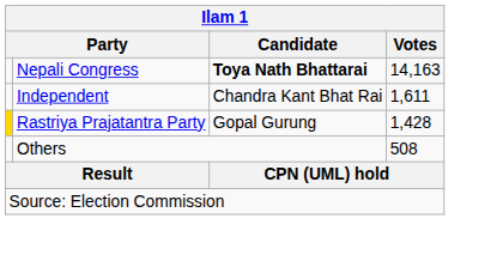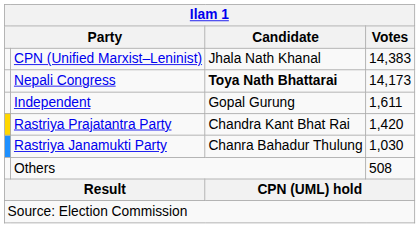 <table class="wikitable">
 <tr>
 <th colspan="4"><a href='#'>Ilam 1</a></th>
 </tr>
 <tr>
 <th colspan="2">Party</th>
 <th>Candidate</th>
 <th>Votes</th>
 </tr>
 <tr>
 <td style="background-color:"></td>
+<td><a href='#'>CPN (Unified Marxist–Leninist)</a></td>
+<td>Jhala Nath Khanal</td>
+<td>14,383</td>
+</tr>
+<tr>
+<td style="background-color:"></td>
 <td><a href='#'>Nepali Congress</a></td>
 <td><strong>Toya Nath Bhattarai</strong></td>
-<td>14,163</td>
+<td>14,173</td>
 </tr>
 <tr>
 <td style="background-color:"></td>
 <td><a href='#'>Independent</a></td>
-<td>Chandra Kant Bhat Rai</td>
+<td>Gopal Gurung</td>
 <td>1,611</td>
 </tr>
 <tr>
 <td style="background-color:gold"></td>
 <td><a href='#'>Rastriya Prajatantra Party</a></td>
-<td>Gopal Gurung</td>
-<td>1,428</td>
+<td>Chandra Kant Bhat Rai</td>
+<td>1,420</td>
+</tr>
+<tr>
+<td style="background-color:dodgerblue"></td>
+<td><a href='#'>Rastriya Janamukti Party</a></td>
+<td>Chanra Bahadur Thulung</td>
+<td>1,030</td>
 </tr>
 <tr>
 <td></td>
 <td colspan="2">Others</td>
 <td>508</td>
 </tr>
 <tr>
 <th colspan="2">Result</th>
 <th colspan="2">CPN (UML) hold</th>
 </tr>
 <tr>
 <td colspan="4">Source: Election Commission</td>
 </tr>
 </table>
